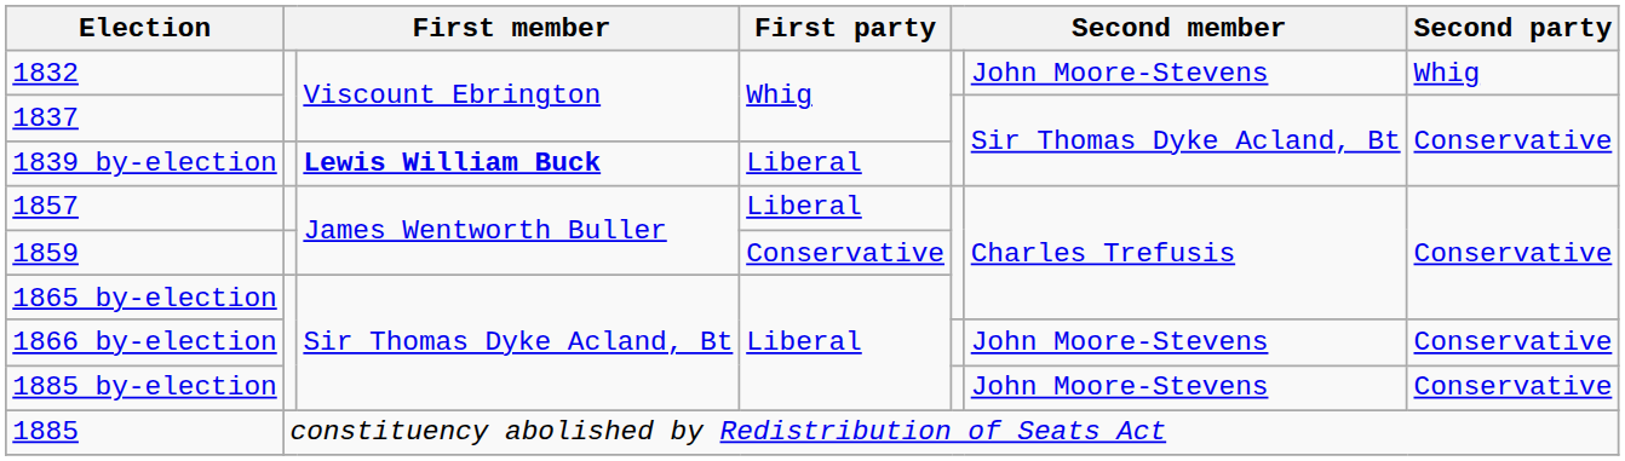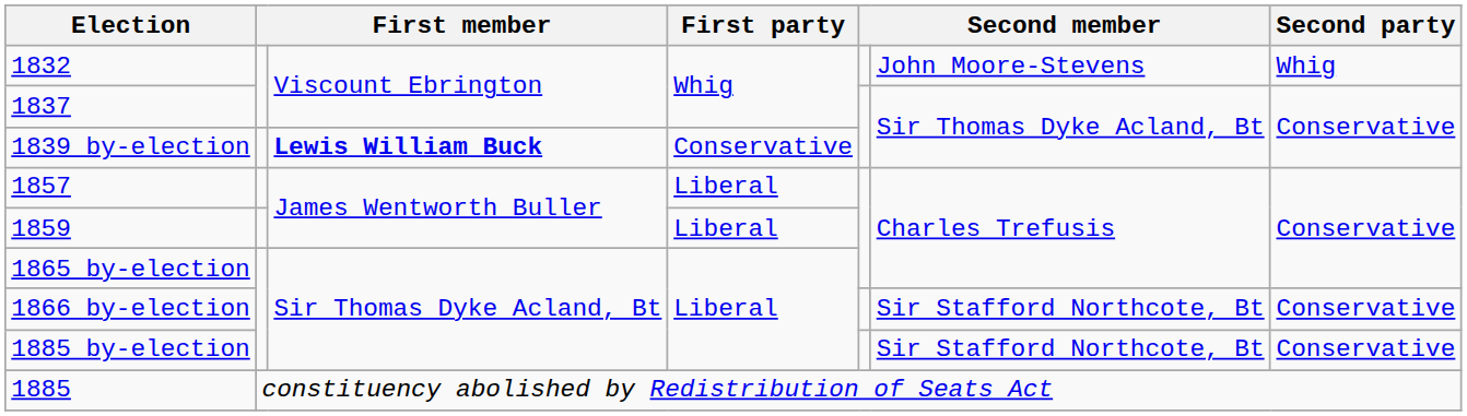 <table class="wikitable">
 <tr>
 <th>Election</th>
 <th colspan="2">First member</th>
 <th>First party</th>
 <th colspan="2">Second member</th>
 <th>Second party</th>
 </tr>
 <tr>
 <td><a href='#'>1832</a></td>
 <td rowspan="2" style="color:inherit;background-color: "></td>
 <td rowspan="2"><a href='#'>Viscount Ebrington</a></td>
 <td rowspan="2"><a href='#'>Whig</a></td>
 <td style="color:inherit;background-color: "></td>
 <td><a href='#'>John Moore-Stevens</a></td>
 <td><a href='#'>Whig</a></td>
 </tr>
 <tr>
 <td><a href='#'>1837</a></td>
 <td rowspan="2" style="color:inherit;background-color: "></td>
 <td rowspan="2"><a href='#'>Sir Thomas Dyke Acland, Bt</a></td>
 <td rowspan="2"><a href='#'>Conservative</a></td>
 </tr>
 <tr>
 <td><a href='#'>1839 by-election</a></td>
 <td style="color:inherit;background-color: "></td>
 <td><strong><a href='#'>Lewis William Buck</a></strong></td>
-<td><a href='#'>Liberal</a></td>
+<td><a href='#'>Conservative</a></td>
 </tr>
 <tr>
 <td><a href='#'>1857</a></td>
 <td style="color:inherit;background-color: "></td>
 <td rowspan="2"><a href='#'>James Wentworth Buller</a></td>
 <td><a href='#'>Liberal</a></td>
 <td rowspan="3" style="color:inherit;background-color: "></td>
 <td rowspan="3"><a href='#'>Charles Trefusis</a></td>
 <td rowspan="3"><a href='#'>Conservative</a></td>
 </tr>
 <tr>
 <td><a href='#'>1859</a></td>
 <td style="color:inherit;background-color: "></td>
-<td><a href='#'>Conservative</a></td>
+<td><a href='#'>Liberal</a></td>
 </tr>
 <tr>
 <td><a href='#'>1865 by-election</a></td>
 <td rowspan="3" style="color:inherit;background-color: "></td>
 <td rowspan="3"><a href='#'>Sir Thomas Dyke Acland, Bt</a></td>
 <td rowspan="3"><a href='#'>Liberal</a></td>
 </tr>
 <tr>
 <td><a href='#'>1866 by-election</a></td>
 <td style="color:inherit;background-color: "></td>
-<td><a href='#'>John Moore-Stevens</a></td>
+<td><a href='#'>Sir Stafford Northcote, Bt</a></td>
 <td><a href='#'>Conservative</a></td>
 </tr>
 <tr>
 <td><a href='#'>1885 by-election</a></td>
 <td style="color:inherit;background-color: "></td>
-<td><a href='#'>John Moore-Stevens</a></td>
+<td><a href='#'>Sir Stafford Northcote, Bt</a></td>
 <td><a href='#'>Conservative</a></td>
 </tr>
 <tr>
 <td><a href='#'>1885</a></td>
 <td colspan="6"><em>constituency abolished by <a href='#'>Redistribution of Seats Act</a></em></td>
 </tr>
 </table>
